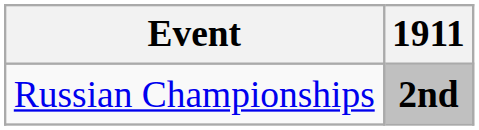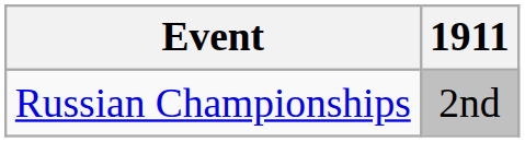 <table class="wikitable">
 <tr>
 <th>Event</th>
 <th>1911</th>
 </tr>
 <tr>
 <td><a href='#'>Russian Championships</a></td>
-<td align="center" bgcolor="silver"><strong>2nd</strong></td>
+<td align="center" bgcolor="silver">2nd</td>
 </tr>
 </table>
